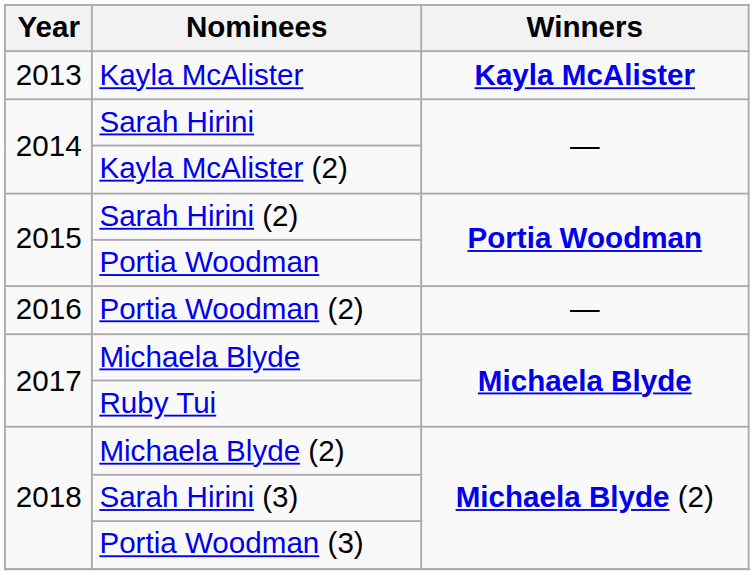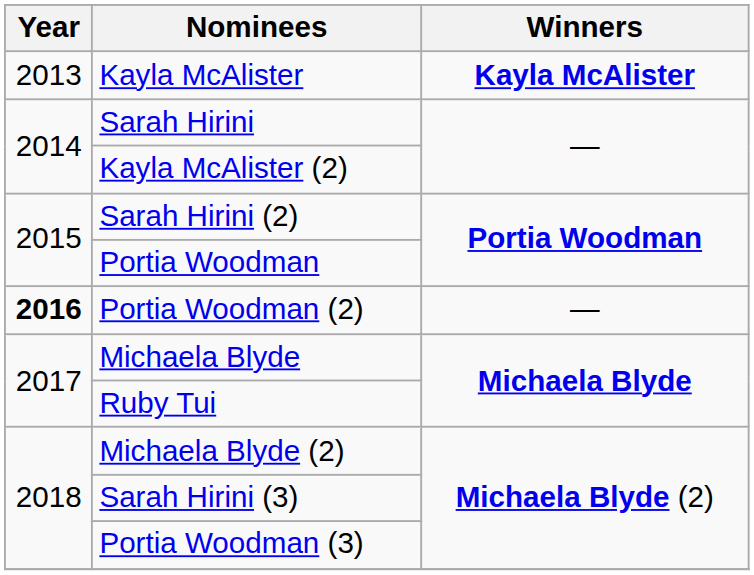 <table class="wikitable">
 <tr>
 <th width=40>Year</th>
 <th width=170>Nominees</th>
 <th width=170>Winners</th>
 </tr>
 <tr>
 <td align=center>2013</td>
 <td><a href='#'>Kayla McAlister</a></td>
 <td align=center><strong><a href='#'>Kayla McAlister</a></strong></td>
 </tr>
 <tr>
 <td align=center rowspan=2>2014</td>
 <td><a href='#'>Sarah Hirini</a></td>
 <td align=center rowspan=2>—</td>
 </tr>
 <tr>
 <td><a href='#'>Kayla McAlister</a> (2)</td>
 </tr>
 <tr>
 <td align=center rowspan=2>2015</td>
 <td><a href='#'>Sarah Hirini</a> (2)</td>
 <td align=center rowspan=2><strong><a href='#'>Portia Woodman</a></strong></td>
 </tr>
 <tr>
 <td><a href='#'>Portia Woodman</a></td>
 </tr>
 <tr>
-<td align=center>2016</td>
+<td align=center><strong>2016</strong></td>
 <td><a href='#'>Portia Woodman</a> (2)</td>
 <td align=center>—</td>
 </tr>
 <tr>
 <td align=center rowspan=2>2017</td>
 <td><a href='#'>Michaela Blyde</a></td>
 <td align=center rowspan=2><strong><a href='#'>Michaela Blyde</a></strong></td>
 </tr>
 <tr>
 <td><a href='#'>Ruby Tui</a></td>
 </tr>
 <tr>
 <td align=center rowspan=3>2018</td>
 <td><a href='#'>Michaela Blyde</a> (2)</td>
 <td align=center rowspan=3><strong><a href='#'>Michaela Blyde</a></strong> (2)</td>
 </tr>
 <tr>
 <td><a href='#'>Sarah Hirini</a> (3)</td>
 </tr>
 <tr>
 <td><a href='#'>Portia Woodman</a> (3)</td>
 </tr>
 <tr>
 </tr>
 </table>
